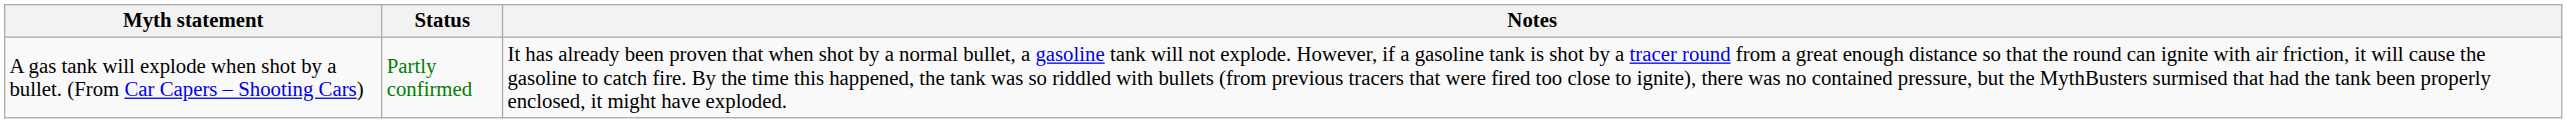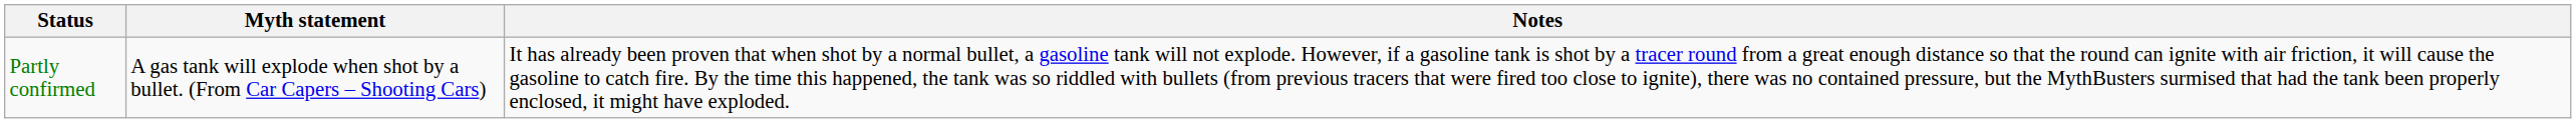 <table class="wikitable plainrowheaders">
 <tr>
+<th>Status</th>
 <th>Myth statement</th>
-<th>Status</th>
 <th>Notes</th>
 </tr>
 <tr>
+<td style="color:green">Partly confirmed</td>
 <td>A gas tank will explode when shot by a bullet. (From <a href='#'>Car Capers – Shooting Cars</a>)</td>
-<td style="color:green">Partly confirmed</td>
 <td>It has already been proven that when shot by a normal bullet, a <a href='#'>gasoline</a> tank will not explode.  However, if a gasoline tank is shot by a <a href='#'>tracer round</a> from a great enough distance so that the round can ignite with air friction, it will cause the gasoline to catch fire. By the time this happened, the tank was so riddled with bullets (from previous tracers that were fired too close to ignite), there was no contained pressure, but the MythBusters surmised that had the tank been properly enclosed, it might have exploded.</td>
 </tr>
 </table>
